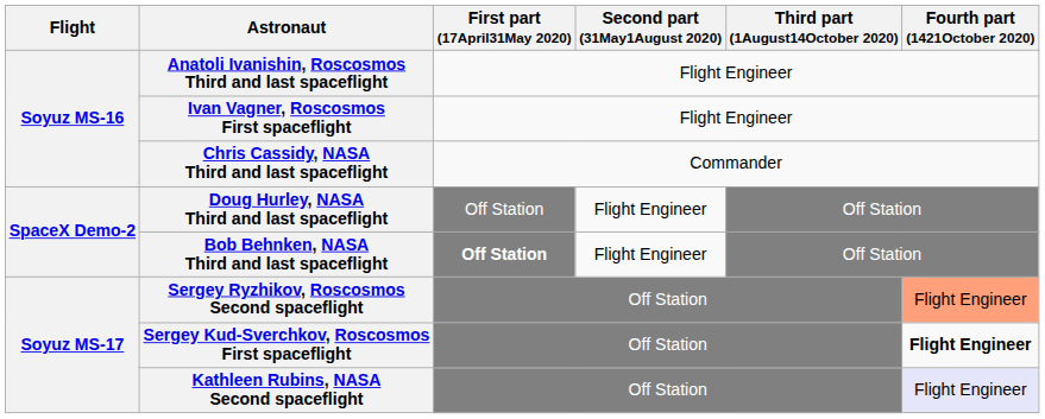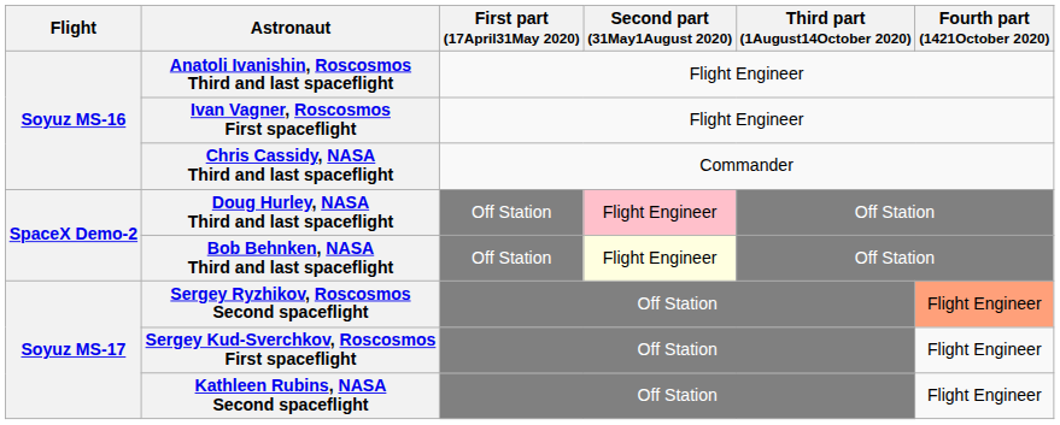 <table class="wikitable" style="text-align:center;">
 <tr>
 <th>Flight</th>
 <th>Astronaut</th>
 <th>First part<br><small>(17April31May 2020)</small></th>
 <th>Second part<br><small>(31May1August 2020)</small></th>
 <th>Third part<br><small>(1August14October 2020)</small></th>
 <th>Fourth part<br><small>(1421October 2020)</small></th>
 </tr>
 <tr>
 <th rowspan="3"><a href='#'>Soyuz MS-16</a></th>
 <th> <a href='#'>Anatoli Ivanishin</a>, <a href='#'>Roscosmos</a><br>Third and last spaceflight</th>
 <td colspan="4">Flight Engineer</td>
 </tr>
 <tr>
 <th> <a href='#'>Ivan Vagner</a>, <a href='#'>Roscosmos</a><br>First spaceflight</th>
 <td colspan="4">Flight Engineer</td>
 </tr>
 <tr>
 <th> <a href='#'>Chris Cassidy</a>, <a href='#'>NASA</a><br>Third and last spaceflight</th>
 <td colspan="4">Commander</td>
 </tr>
 <tr>
 <th rowspan="2"><a href='#'>SpaceX Demo-2</a></th>
 <th> <a href='#'>Doug Hurley</a>, <a href='#'>NASA</a><br>Third and last spaceflight</th>
 <td style="background:grey; color:white;"colspan="1">Off Station</td>
-<td colspan="1">Flight Engineer</td>
+<td colspan="1" style="background: pink;">Flight Engineer</td>
 <td style="background:grey; color:white;"colspan="2">Off Station</td>
 </tr>
 <tr>
 <th> <a href='#'>Bob Behnken</a>, <a href='#'>NASA</a><br>Third and last spaceflight</th>
-<td style="background:grey; color:white;"colspan="1"><strong>Off Station</strong></td>
-<td colspan="1">Flight Engineer</td>
+<td style="background:grey; color:white;"colspan="1">Off Station</td>
+<td colspan="1" style="background: lightyellow;">Flight Engineer</td>
 <td style="background:grey; color:white;"colspan="2">Off Station</td>
 </tr>
 <tr>
 <th rowspan="3"><a href='#'>Soyuz MS-17</a></th>
 <th> <a href='#'>Sergey Ryzhikov</a>, <a href='#'>Roscosmos</a><br>Second spaceflight</th>
 <td style="background:grey; color:white;"colspan="3">Off Station</td>
 <td colspan="1" style="background: lightsalmon;">Flight Engineer</td>
 </tr>
 <tr>
 <th> <a href='#'>Sergey Kud-Sverchkov</a>, <a href='#'>Roscosmos</a><br>First spaceflight</th>
 <td style="background:grey; color:white;"colspan="3">Off Station</td>
-<td colspan="1"><strong>Flight Engineer</strong></td>
+<td colspan="1">Flight Engineer</td>
 </tr>
 <tr>
 <th> <a href='#'>Kathleen Rubins</a>, <a href='#'>NASA</a><br>Second spaceflight</th>
 <td style="background:grey; color:white;"colspan="3">Off Station</td>
-<td colspan="1" style="background: lavender;">Flight Engineer</td>
+<td colspan="1">Flight Engineer</td>
 </tr>
 </table>
